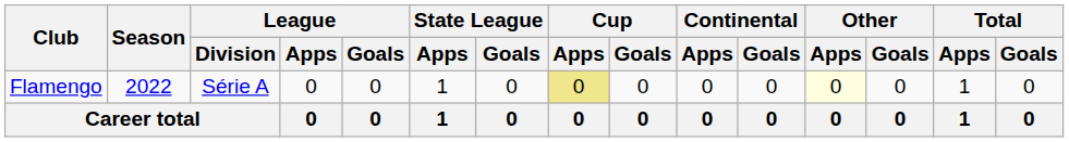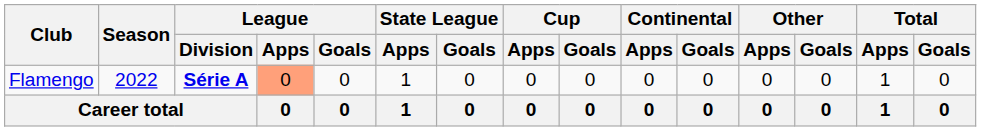 <table class="wikitable" style="text-align: center">
 <tr>
 <th rowspan="2">Club</th>
 <th rowspan="2">Season</th>
 <th colspan="3">League</th>
 <th colspan="2">State League</th>
 <th colspan="2">Cup</th>
 <th colspan="2">Continental</th>
 <th colspan="2">Other</th>
 <th colspan="2">Total</th>
 </tr>
 <tr>
 <th>Division</th>
 <th>Apps</th>
 <th>Goals</th>
 <th>Apps</th>
 <th>Goals</th>
 <th>Apps</th>
 <th>Goals</th>
 <th>Apps</th>
 <th>Goals</th>
 <th>Apps</th>
 <th>Goals</th>
 <th>Apps</th>
 <th>Goals</th>
 </tr>
 <tr>
 <td align="center"><a href='#'>Flamengo</a></td>
 <td><a href='#'>2022</a></td>
-<td><a href='#'>Série A</a></td>
-<td>0</td>
+<td><strong><a href='#'>Série A</a></strong></td>
+<td style="background: lightsalmon;">0</td>
 <td>0</td>
 <td>1</td>
 <td>0</td>
-<td style="background: khaki;">0</td>
 <td>0</td>
 <td>0</td>
 <td>0</td>
-<td style="background: lightyellow;">0</td>
+<td>0</td>
+<td>0</td>
 <td>0</td>
 <td>1</td>
 <td>0</td>
 </tr>
 <tr>
 <th colspan="3">Career total</th>
 <th>0</th>
 <th>0</th>
 <th>1</th>
 <th>0</th>
 <th>0</th>
 <th>0</th>
 <th>0</th>
 <th>0</th>
 <th>0</th>
 <th>0</th>
 <th>1</th>
 <th>0</th>
 </tr>
 </table>
